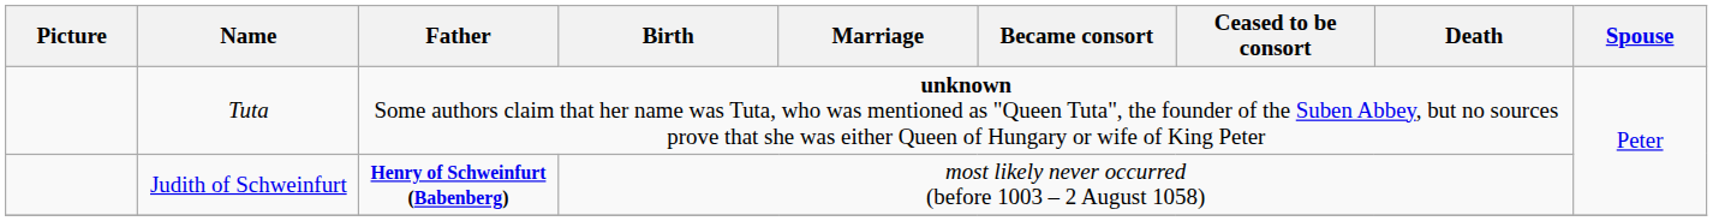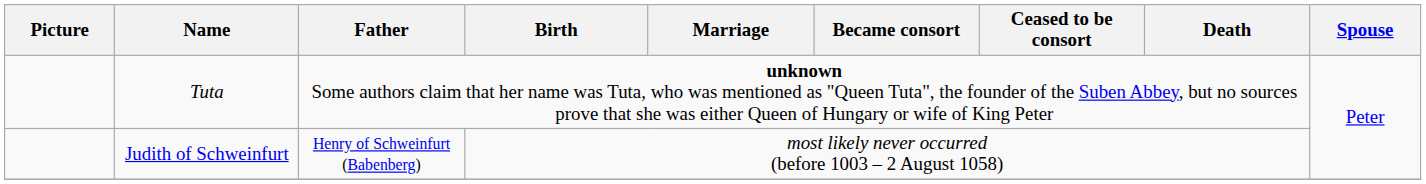 <table width=95% class="wikitable">
 <tr>
 <th width = "6%">Picture</th>
 <th width = "10%">Name</th>
 <th width = "9%">Father</th>
 <th width = "10%">Birth</th>
 <th width = "9%">Marriage</th>
 <th width = "9%">Became consort</th>
 <th width = "9%">Ceased to be consort</th>
 <th width = "9%">Death</th>
 <th width = "6%"><a href='#'>Spouse</a></th>
 </tr>
 <tr>
 <td style="text-align:center"></td>
 <td style="text-align:center"><em>Tuta</em></td>
 <td style="text-align:center" colspan="6"><strong>unknown</strong><br>Some authors claim that her name was Tuta, who was mentioned as "Queen Tuta", the founder of the <a href='#'>Suben Abbey</a>, but no sources prove that she was either Queen of Hungary or wife of King Peter</td>
 <td style="text-align:center" rowspan="2"><a href='#'>Peter</a></td>
 </tr>
 <tr>
 <td style="text-align:center"></td>
 <td style="text-align:center"><a href='#'>Judith of Schweinfurt</a></td>
-<td style="text-align:center"><strong><small><a href='#'>Henry of Schweinfurt</a><br>(<a href='#'>Babenberg</a>)</small></strong></td>
+<td style="text-align:center"><small><a href='#'>Henry of Schweinfurt</a><br>(<a href='#'>Babenberg</a>)</small></td>
 <td style="text-align:center" colspan="5"><em>most likely never occurred</em><br>(before 1003 – 2 August 1058)</td>
 </tr>
 <tr>
 </tr>
 </table>
